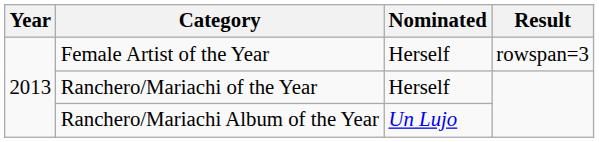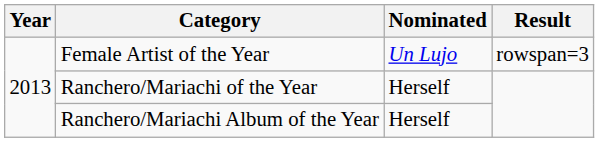 <table class="wikitable">
 <tr>
 <th>Year</th>
 <th>Category</th>
 <th>Nominated</th>
 <th>Result</th>
 </tr>
 <tr>
 <td rowspan=3>2013</td>
 <td>Female Artist of the Year</td>
-<td>Herself</td>
+<td><em><a href='#'>Un Lujo</a></em></td>
 <td>rowspan=3 </td>
 </tr>
 <tr>
 <td>Ranchero/Mariachi of the Year</td>
 <td>Herself</td>
 </tr>
 <tr>
 <td>Ranchero/Mariachi Album of the Year</td>
-<td><em><a href='#'>Un Lujo</a></em></td>
+<td>Herself</td>
 </tr>
 </table>
